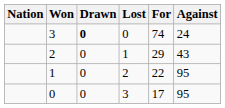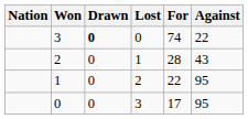 <table class="wikitable">
 <tr>
 <th>Nation</th>
 <th>Won</th>
 <th>Drawn</th>
 <th>Lost</th>
 <th>For</th>
 <th>Against</th>
 </tr>
 <tr>
 <td></td>
 <td>3</td>
 <td><strong>0</strong></td>
 <td>0</td>
 <td>74</td>
-<td>24</td>
+<td>22</td>
 </tr>
 <tr>
 <td></td>
 <td>2</td>
 <td>0</td>
 <td>1</td>
-<td>29</td>
+<td>28</td>
 <td>43</td>
 </tr>
 <tr>
 <td></td>
 <td>1</td>
 <td>0</td>
 <td>2</td>
 <td>22</td>
 <td>95</td>
 </tr>
 <tr>
 <td></td>
 <td>0</td>
 <td>0</td>
 <td>3</td>
 <td>17</td>
 <td>95</td>
 </tr>
 </table>
